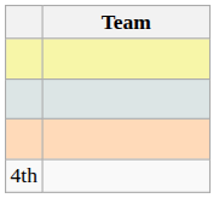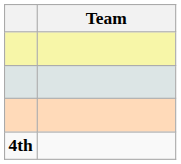 <table class="wikitable" style="text-align:center">
 <tr>
 <th width=15></th>
 <th width=120>Team</th>
 </tr>
 <tr bgcolor="#F7F6A8">
 <td align="center" style="height:23px"></td>
 <td align=left></td>
 </tr>
 <tr bgcolor="#DCE5E5">
 <td align="center" style="height:23px"></td>
 <td align=left></td>
 </tr>
 <tr bgcolor="#FFDAB9">
 <td align="center" style="height:23px"></td>
 <td align=left></td>
 </tr>
 <tr>
-<td>4th</td>
+<td><strong>4th</strong></td>
 <td align=left></td>
 </tr>
 </table>
